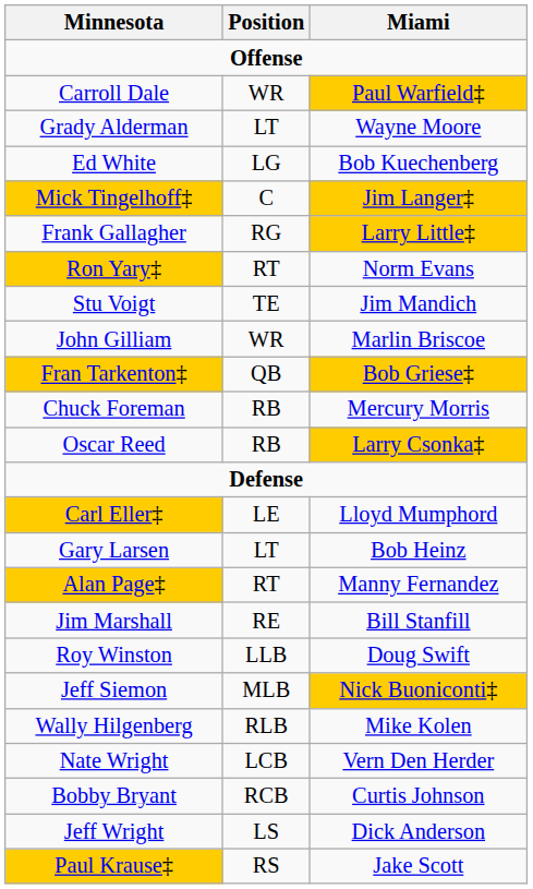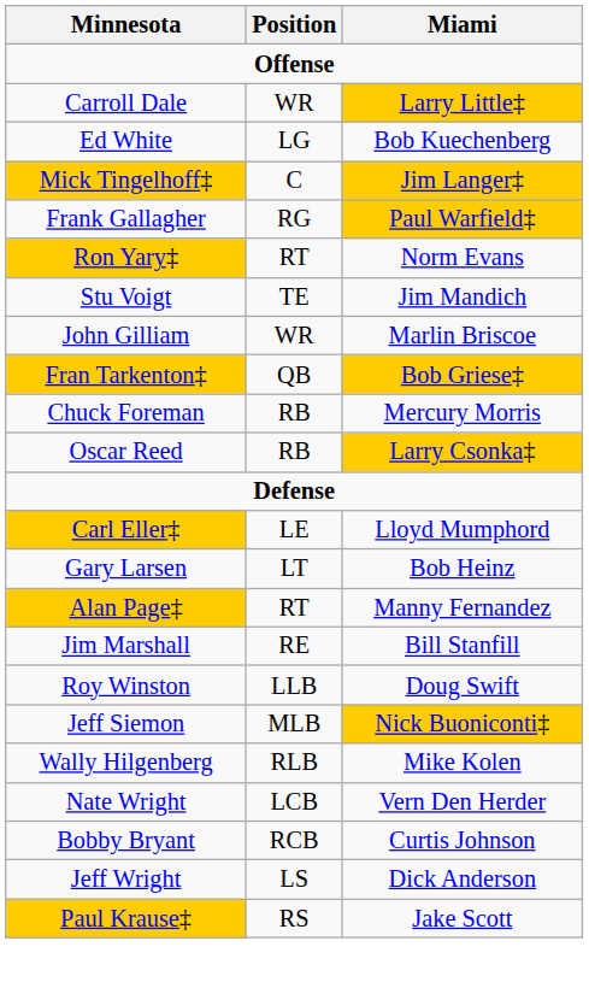 <table class="wikitable" style="text-align:center">
 <tr>
 <th width="150px">Minnesota</th>
 <th>Position</th>
 <th width="150px">Miami</th>
 </tr>
 <tr>
 <td colspan="3" style="text-align:center;"><strong>Offense</strong></td>
 </tr>
 <tr>
 <td><a href='#'>Carroll Dale</a></td>
 <td style="text-align:center;">WR</td>
-<td bgcolor="#FFCC00"><a href='#'>Paul Warfield</a>‡</td>
-</tr>
-<tr>
-<td><a href='#'>Grady Alderman</a></td>
-<td style="text-align:center;">LT</td>
-<td><a href='#'>Wayne Moore</a></td>
+<td bgcolor="#FFCC00"><a href='#'>Larry Little</a>‡</td>
 </tr>
 <tr>
 <td><a href='#'>Ed White</a></td>
 <td style="text-align:center;">LG</td>
 <td><a href='#'>Bob Kuechenberg</a></td>
 </tr>
 <tr>
 <td bgcolor="#FFCC00"><a href='#'>Mick Tingelhoff</a>‡</td>
 <td style="text-align:center;">C</td>
 <td bgcolor="#FFCC00"><a href='#'>Jim Langer</a>‡</td>
 </tr>
 <tr>
 <td><a href='#'>Frank Gallagher</a></td>
 <td style="text-align:center;">RG</td>
-<td bgcolor="#FFCC00"><a href='#'>Larry Little</a>‡</td>
+<td bgcolor="#FFCC00"><a href='#'>Paul Warfield</a>‡</td>
 </tr>
 <tr>
 <td bgcolor="#FFCC00"><a href='#'>Ron Yary</a>‡</td>
 <td style="text-align:center;">RT</td>
 <td><a href='#'>Norm Evans</a></td>
 </tr>
 <tr>
 <td><a href='#'>Stu Voigt</a></td>
 <td style="text-align:center;">TE</td>
 <td><a href='#'>Jim Mandich</a></td>
 </tr>
 <tr>
 <td><a href='#'>John Gilliam</a></td>
 <td style="text-align:center;">WR</td>
 <td><a href='#'>Marlin Briscoe</a></td>
 </tr>
 <tr>
 <td bgcolor="#FFCC00"><a href='#'>Fran Tarkenton</a>‡</td>
 <td style="text-align:center;">QB</td>
 <td bgcolor="#FFCC00"><a href='#'>Bob Griese</a>‡</td>
 </tr>
 <tr>
 <td><a href='#'>Chuck Foreman</a></td>
 <td style="text-align:center;">RB</td>
 <td><a href='#'>Mercury Morris</a></td>
 </tr>
 <tr>
 <td><a href='#'>Oscar Reed</a></td>
 <td style="text-align:center;">RB</td>
 <td bgcolor="#FFCC00"><a href='#'>Larry Csonka</a>‡</td>
 </tr>
 <tr>
 <td colspan="3" style="text-align:center;"><strong>Defense</strong></td>
 </tr>
 <tr>
 <td bgcolor="#FFCC00"><a href='#'>Carl Eller</a>‡</td>
 <td style="text-align:center;">LE</td>
 <td><a href='#'>Lloyd Mumphord</a></td>
 </tr>
 <tr>
 <td><a href='#'>Gary Larsen</a></td>
 <td style="text-align:center;">LT</td>
 <td><a href='#'>Bob Heinz</a></td>
 </tr>
 <tr>
 <td bgcolor="#FFCC00"><a href='#'>Alan Page</a>‡</td>
 <td style="text-align:center;">RT</td>
 <td><a href='#'>Manny Fernandez</a></td>
 </tr>
 <tr>
 <td><a href='#'>Jim Marshall</a></td>
 <td style="text-align:center;">RE</td>
 <td><a href='#'>Bill Stanfill</a></td>
 </tr>
 <tr>
 <td><a href='#'>Roy Winston</a></td>
 <td style="text-align:center;">LLB</td>
 <td><a href='#'>Doug Swift</a></td>
 </tr>
 <tr>
 <td><a href='#'>Jeff Siemon</a></td>
 <td style="text-align:center;">MLB</td>
 <td bgcolor="#FFCC00"><a href='#'>Nick Buoniconti</a>‡</td>
 </tr>
 <tr>
 <td><a href='#'>Wally Hilgenberg</a></td>
 <td style="text-align:center;">RLB</td>
 <td><a href='#'>Mike Kolen</a></td>
 </tr>
 <tr>
 <td><a href='#'>Nate Wright</a></td>
 <td style="text-align:center;">LCB</td>
 <td><a href='#'>Vern Den Herder</a></td>
 </tr>
 <tr>
 <td><a href='#'>Bobby Bryant</a></td>
 <td style="text-align:center;">RCB</td>
 <td><a href='#'>Curtis Johnson</a></td>
 </tr>
 <tr>
 <td><a href='#'>Jeff Wright</a></td>
 <td style="text-align:center;">LS</td>
 <td><a href='#'>Dick Anderson</a></td>
 </tr>
 <tr>
 <td bgcolor="#FFCC00"><a href='#'>Paul Krause</a>‡</td>
 <td style="text-align:center;">RS</td>
 <td><a href='#'>Jake Scott</a></td>
 </tr>
 </table>
